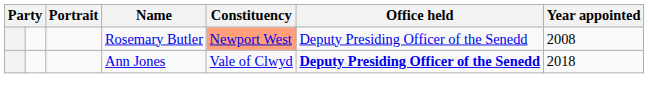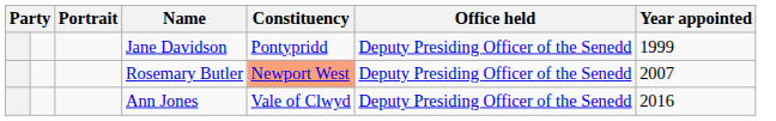 <table class="wikitable sortable">
 <tr>
 <th colspan=2>Party</th>
 <th>Portrait</th>
 <th>Name</th>
 <th>Constituency</th>
 <th>Office held</th>
 <th>Year appointed</th>
 </tr>
 <tr>
 <th style="background-color: "></th>
 <td></td>
 <td></td>
+<td><a href='#'>Jane Davidson</a></td>
+<td><a href='#'>Pontypridd</a></td>
+<td><a href='#'>Deputy Presiding Officer of the Senedd</a></td>
+<td>1999</td>
+</tr>
+<tr>
+<th style="background-color: "></th>
+<td></td>
+<td></td>
 <td><a href='#'>Rosemary Butler</a></td>
 <td style="background: lightsalmon;"><a href='#'>Newport West</a></td>
 <td><a href='#'>Deputy Presiding Officer of the Senedd</a></td>
-<td>2008</td>
+<td>2007</td>
 </tr>
 <tr>
 <th style="background-color: "></th>
 <td></td>
 <td></td>
 <td><a href='#'>Ann Jones</a></td>
 <td><a href='#'>Vale of Clwyd</a></td>
-<td><strong><a href='#'>Deputy Presiding Officer of the Senedd</a></strong></td>
-<td>2018</td>
+<td><a href='#'>Deputy Presiding Officer of the Senedd</a></td>
+<td>2016</td>
 </tr>
 </table>
